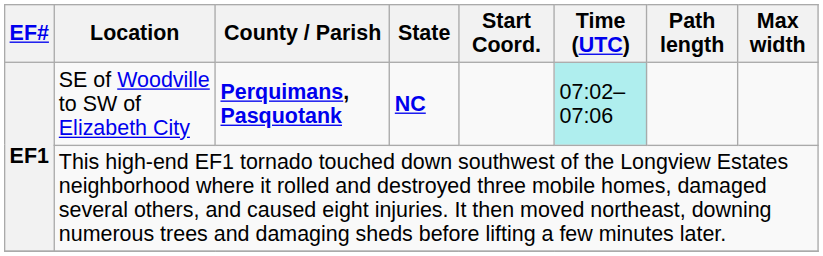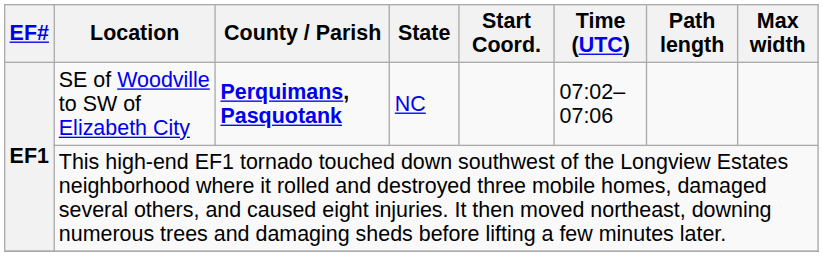 <table class="wikitable sortable">
 <tr>
 <th scope="col"><a href='#'>EF#</a></th>
 <th scope="col" class="unsortable">Location</th>
 <th scope="col" class="unsortable">County / Parish</th>
 <th scope="col">State</th>
 <th scope="col">Start Coord.</th>
 <th scope="col">Time (<a href='#'>UTC</a>)</th>
 <th scope="col">Path length</th>
 <th scope="col">Max width</th>
 </tr>
 <tr>
 <th scope="row" rowspan="2" style="background-color:#">EF1</th>
 <td>SE of <a href='#'>Woodville</a> to SW of <a href='#'>Elizabeth City</a></td>
 <td><strong><a href='#'>Perquimans</a>, <a href='#'>Pasquotank</a></strong></td>
-<td><strong><a href='#'>NC</a></strong></td>
+<td><a href='#'>NC</a></td>
 <td></td>
-<td style="background: paleturquoise;">07:02–07:06</td>
+<td>07:02–07:06</td>
 <td></td>
 <td></td>
 </tr>
 <tr class="expand-child">
 <td colspan="7">This high-end EF1 tornado touched down southwest of the Longview Estates neighborhood where it rolled and destroyed three mobile homes, damaged several others, and caused eight injuries. It then moved northeast, downing numerous trees and damaging sheds before lifting a few minutes later.</td>
 </tr>
 <tr>
 </tr>
 </table>
